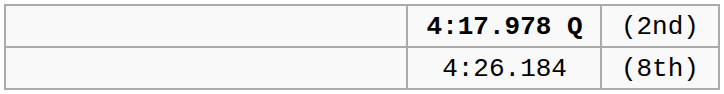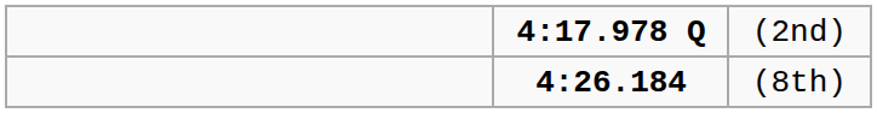 <table class="wikitable" style="text-align:center;">
 <tr>
 <td style="width:15em" align=left></td>
 <td style="width:7em;"><strong>4:17.978 Q</strong></td>
 <td style="width:4em;">(2nd)</td>
 </tr>
 <tr>
 <td align=left></td>
-<td>4:26.184</td>
+<td><strong>4:26.184</strong></td>
 <td>(8th)</td>
 </tr>
 </table>
